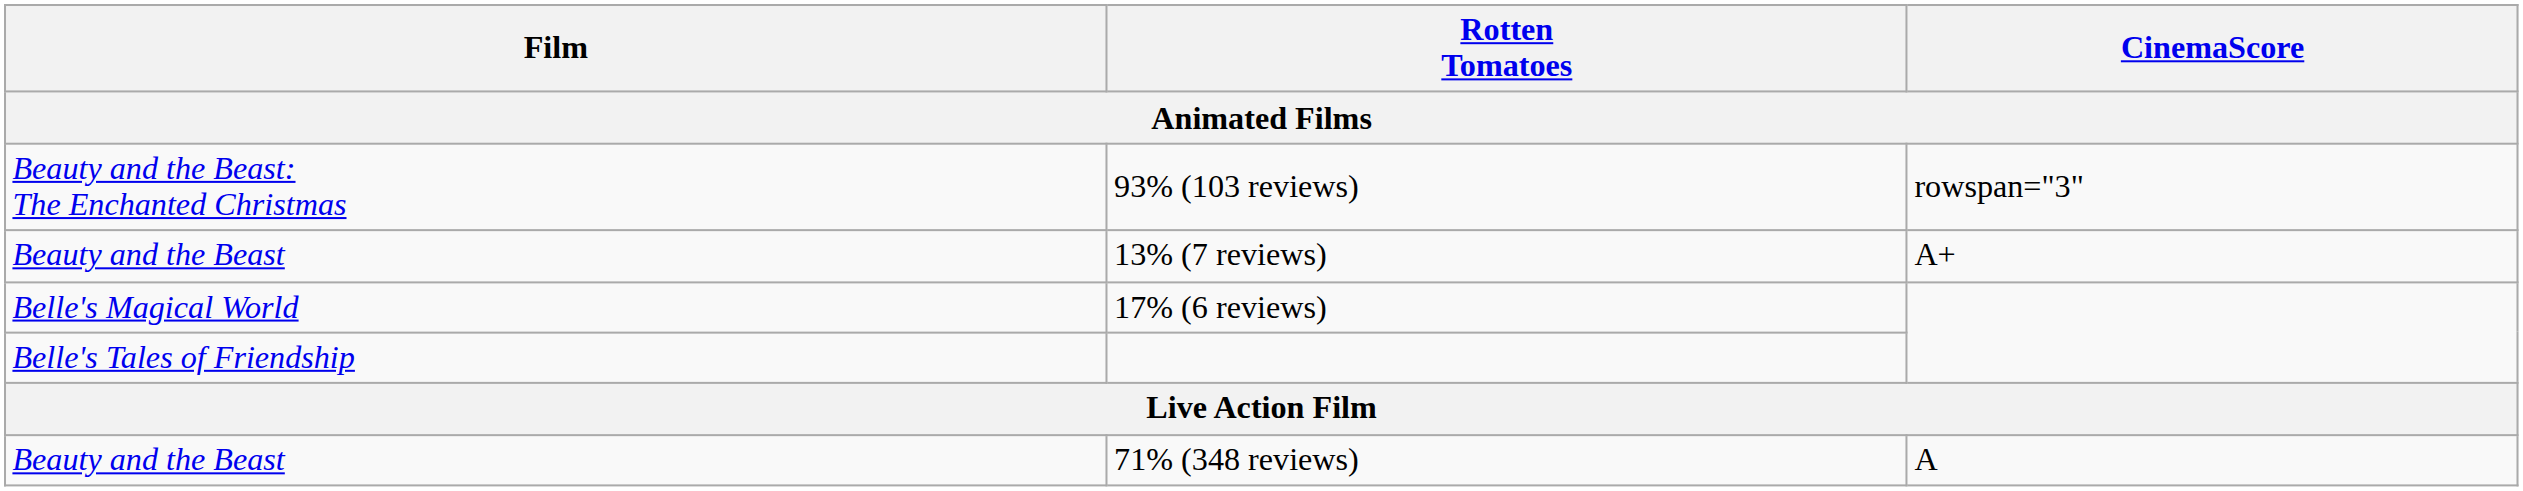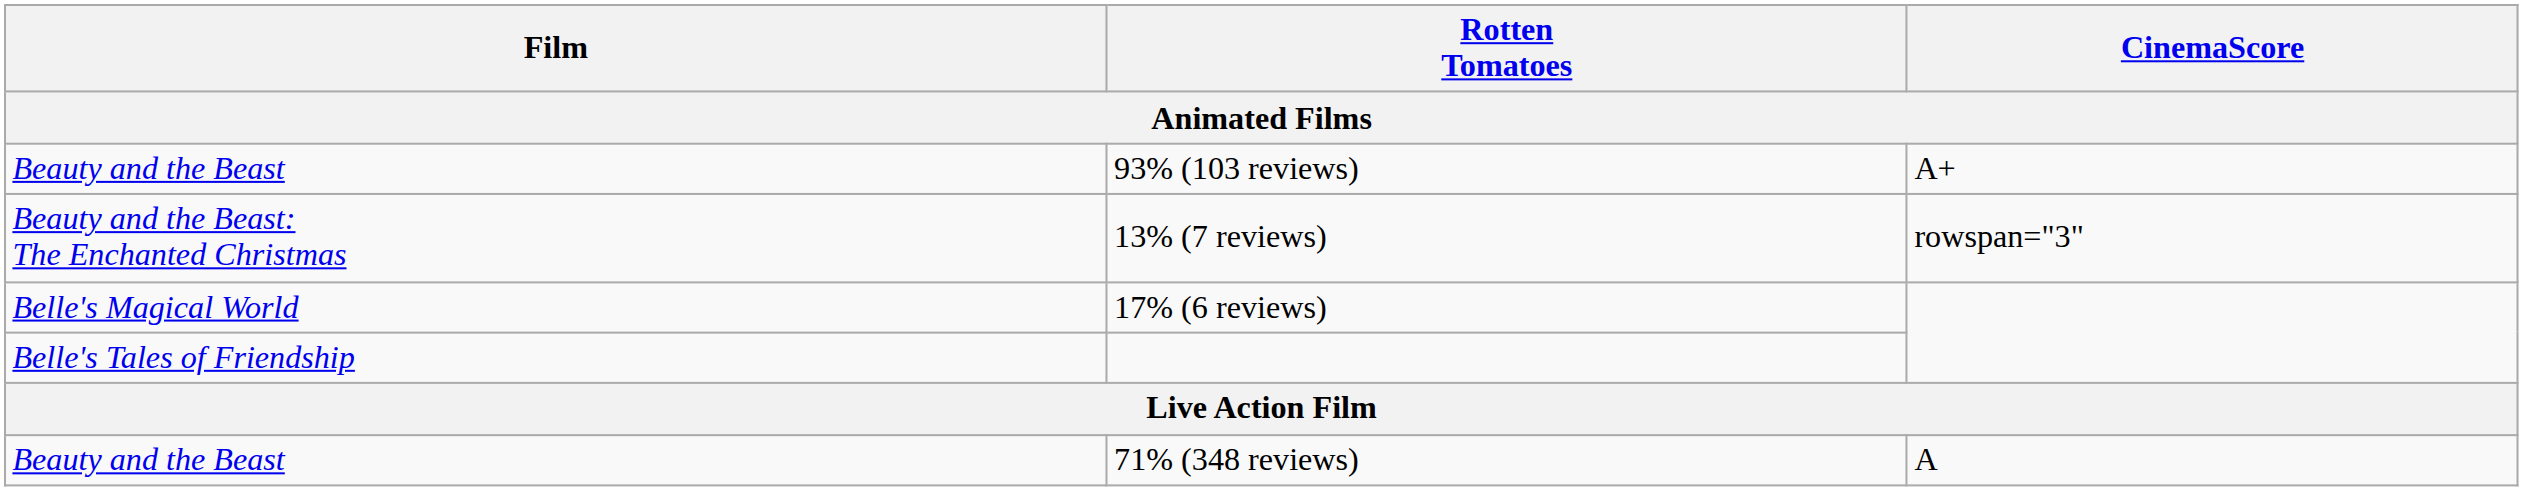 <table class="wikitable" style="width:99%;">
 <tr style="text-align:center;">
 <th><strong>Film</strong></th>
 <th><strong><a href='#'>Rotten<br>Tomatoes</a></strong></th>
 <th><strong><a href='#'>CinemaScore</a></strong></th>
 </tr>
 <tr>
 <th colspan="4">Animated Films</th>
 </tr>
 <tr>
-<td><em><a href='#'>Beauty and the Beast:<br>The Enchanted Christmas</a></em></td>
+<td><em><a href='#'>Beauty and the Beast</a></em></td>
 <td>93% (103 reviews)</td>
-<td>rowspan="3" </td>
+<td>A+</td>
 </tr>
 <tr>
-<td><em><a href='#'>Beauty and the Beast</a></em></td>
+<td><em><a href='#'>Beauty and the Beast:<br>The Enchanted Christmas</a></em></td>
 <td>13% (7 reviews)</td>
-<td>A+</td>
+<td>rowspan="3" </td>
 </tr>
 <tr>
 <td><em><a href='#'>Belle's Magical World</a></em></td>
 <td>17% (6 reviews)</td>
 </tr>
 <tr>
 <td><em><a href='#'>Belle's Tales of Friendship</a></em></td>
 <td></td>
 </tr>
 <tr>
 <th colspan="4">Live Action Film</th>
 </tr>
 <tr>
 <td><em><a href='#'>Beauty and the Beast</a></em></td>
 <td>71% (348 reviews)</td>
 <td>A</td>
 </tr>
 </table>
